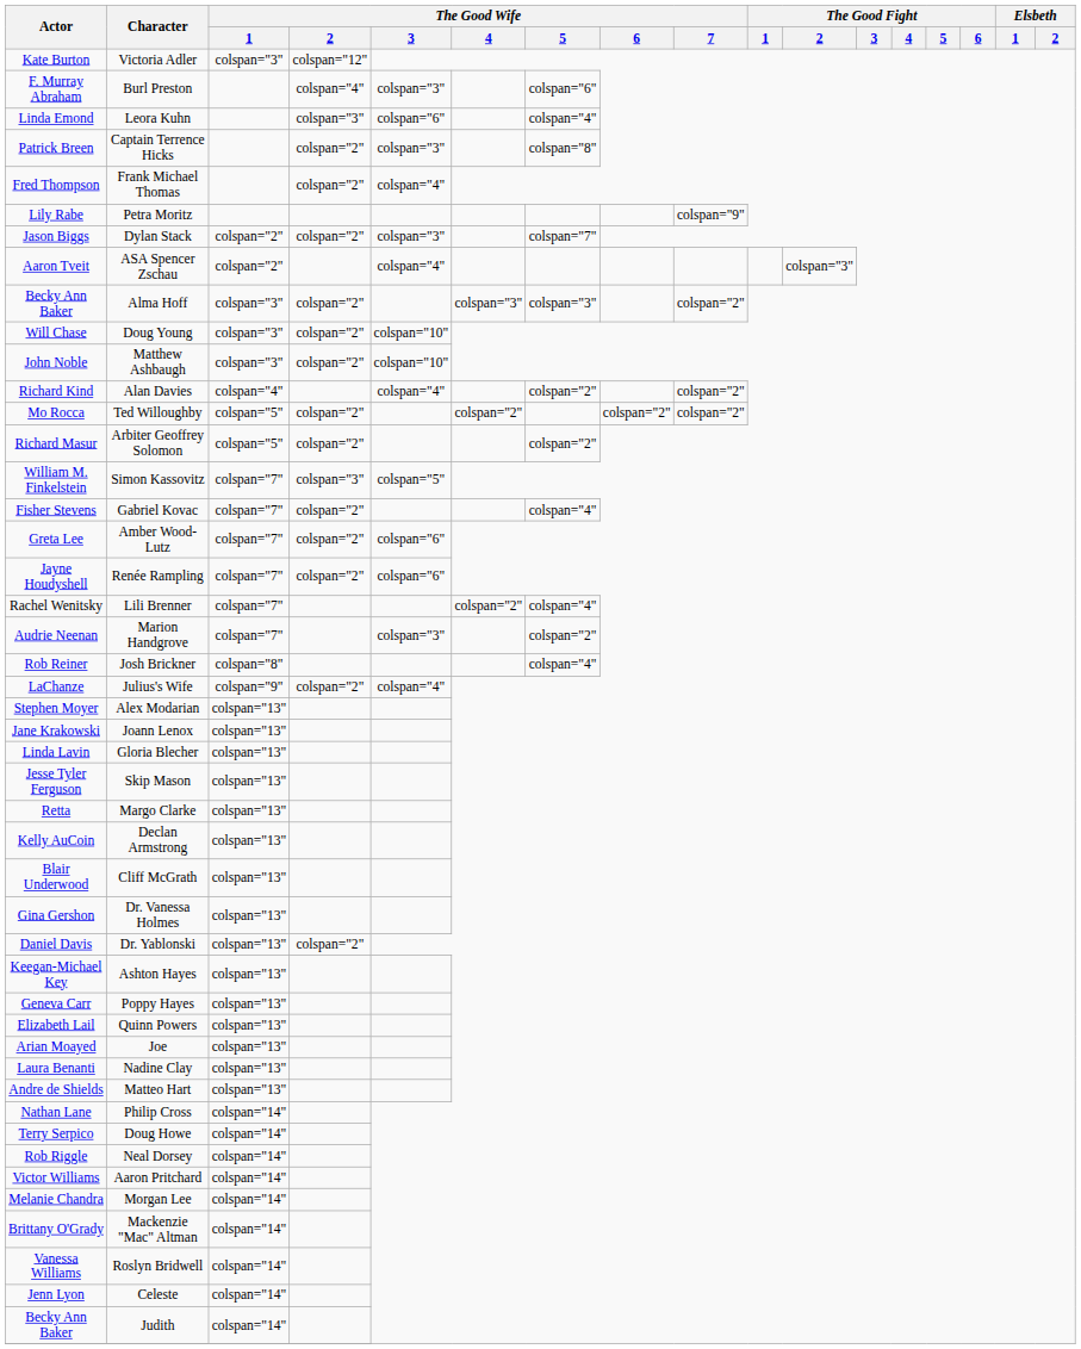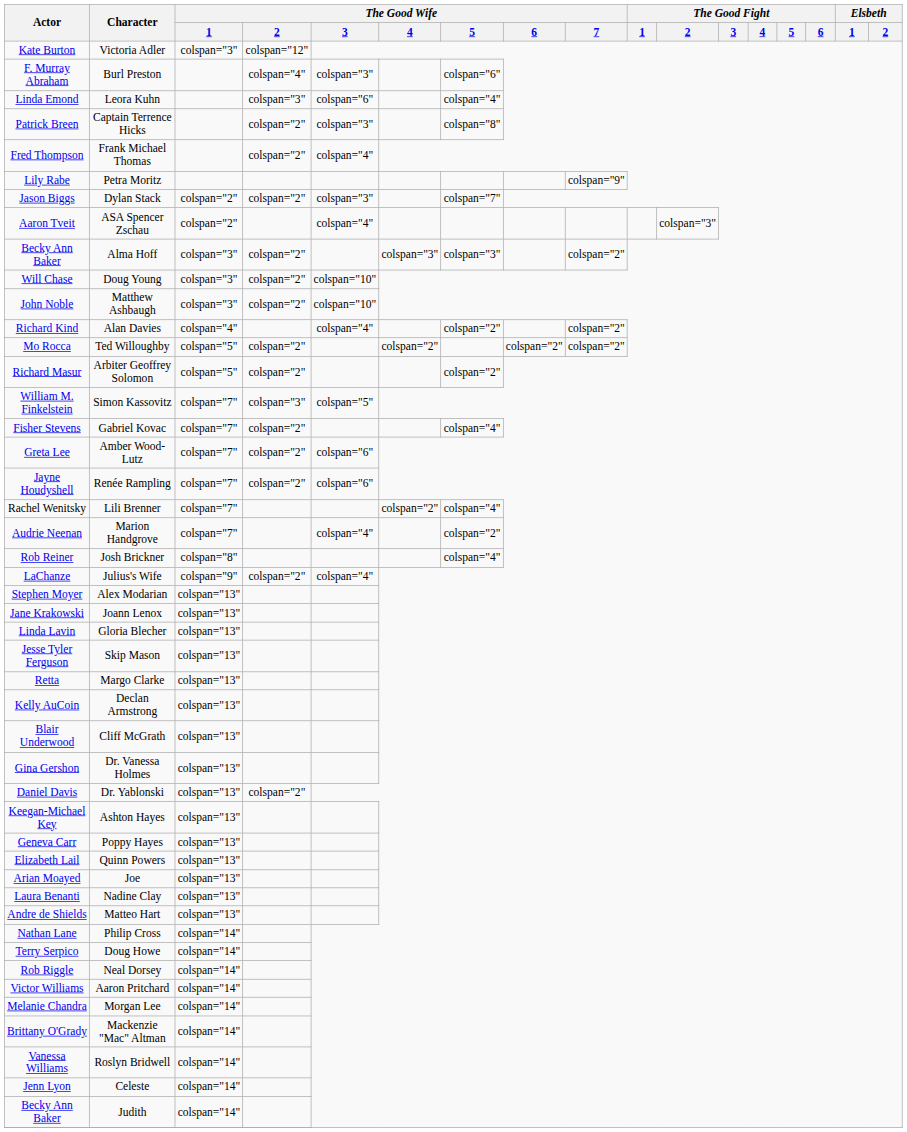 <table class="wikitable plainrowheaders" style="text-align:center">
 <tr>
 <th rowspan="2" style="width:12%;" scope="col">Actor</th>
 <th rowspan="2" style="width:12%;" scope="col">Character</th>
 <th colspan="7"><em>The Good Wife</em></th>
 <th colspan="6"><em>The Good Fight</em></th>
 <th colspan="2"><em>Elsbeth</em></th>
 </tr>
 <tr>
 <th style="width:5%;" scope="col"><a href='#'>1</a></th>
 <th style="width:5%;" scope="col"><a href='#'>2</a></th>
 <th style="width:5%;" scope="col"><a href='#'>3</a></th>
 <th style="width:5%;" scope="col"><a href='#'>4</a></th>
 <th style="width:5%;" scope="col"><a href='#'>5</a></th>
 <th style="width:5%;" scope="col"><a href='#'>6</a></th>
 <th style="width:5%;" scope="col"><a href='#'>7</a></th>
 <th style="width:5%;" scope="col"><a href='#'>1</a></th>
 <th style="width:5%;" scope="col"><a href='#'>2</a></th>
 <th style="width:5%;" scope="col"><a href='#'>3</a></th>
 <th style="width:5%;" scope="col"><a href='#'>4</a></th>
 <th style="width:5%;" scope="col"><a href='#'>5</a></th>
 <th style="width:5%;" scope="col"><a href='#'>6</a></th>
 <th style="width:5%;" scope="col"><a href='#'>1</a></th>
 <th style="width:5%;" scope="col"><a href='#'>2</a></th>
 </tr>
 <tr>
 <td><a href='#'>Kate Burton</a></td>
 <td>Victoria Adler</td>
 <td>colspan="3" </td>
 <td>colspan="12" </td>
 </tr>
 <tr>
 <td><a href='#'>F. Murray Abraham</a></td>
 <td>Burl Preston</td>
 <td></td>
 <td>colspan="4" </td>
 <td>colspan="3" </td>
 <td></td>
 <td>colspan="6" </td>
 </tr>
 <tr>
 <td><a href='#'>Linda Emond</a></td>
 <td>Leora Kuhn</td>
 <td></td>
 <td>colspan="3" </td>
 <td>colspan="6" </td>
 <td></td>
 <td>colspan="4" </td>
 </tr>
 <tr>
 <td><a href='#'>Patrick Breen</a></td>
 <td>Captain Terrence Hicks</td>
 <td></td>
 <td>colspan="2" </td>
 <td>colspan="3" </td>
 <td></td>
 <td>colspan="8" </td>
 </tr>
 <tr>
 <td><a href='#'>Fred Thompson</a></td>
 <td>Frank Michael Thomas</td>
 <td></td>
 <td>colspan="2" </td>
 <td>colspan="4" </td>
 </tr>
 <tr>
 <td><a href='#'>Lily Rabe</a></td>
 <td>Petra Moritz</td>
 <td></td>
 <td></td>
 <td></td>
 <td></td>
 <td></td>
 <td></td>
 <td>colspan="9" </td>
 </tr>
 <tr>
 <td><a href='#'>Jason Biggs</a></td>
 <td>Dylan Stack</td>
 <td>colspan="2" </td>
 <td>colspan="2" </td>
 <td>colspan="3" </td>
 <td></td>
 <td>colspan="7" </td>
 </tr>
 <tr>
 <td><a href='#'>Aaron Tveit</a></td>
 <td>ASA Spencer Zschau</td>
 <td>colspan="2" </td>
 <td></td>
 <td>colspan="4" </td>
 <td></td>
 <td></td>
 <td></td>
 <td></td>
 <td></td>
 <td>colspan="3" </td>
 </tr>
 <tr>
 <td><a href='#'>Becky Ann Baker</a></td>
 <td>Alma Hoff</td>
 <td>colspan="3" </td>
 <td>colspan="2" </td>
 <td></td>
 <td>colspan="3" </td>
 <td>colspan="3" </td>
 <td></td>
 <td>colspan="2" </td>
 </tr>
 <tr>
 <td><a href='#'>Will Chase</a></td>
 <td>Doug Young</td>
 <td>colspan="3" </td>
 <td>colspan="2" </td>
 <td>colspan="10" </td>
 </tr>
 <tr>
 <td><a href='#'>John Noble</a></td>
 <td>Matthew Ashbaugh</td>
 <td>colspan="3" </td>
 <td>colspan="2" </td>
 <td>colspan="10" </td>
 </tr>
 <tr>
 <td><a href='#'>Richard Kind</a></td>
 <td>Alan Davies</td>
 <td>colspan="4" </td>
 <td></td>
 <td>colspan="4" </td>
 <td></td>
 <td>colspan="2" </td>
 <td></td>
 <td>colspan="2" </td>
 </tr>
 <tr>
 <td><a href='#'>Mo Rocca</a></td>
 <td>Ted Willoughby</td>
 <td>colspan="5" </td>
 <td>colspan="2" </td>
 <td></td>
 <td>colspan="2" </td>
 <td></td>
 <td>colspan="2" </td>
 <td>colspan="2" </td>
 </tr>
 <tr>
 <td><a href='#'>Richard Masur</a></td>
 <td>Arbiter Geoffrey Solomon</td>
 <td>colspan="5" </td>
 <td>colspan="2" </td>
 <td></td>
 <td></td>
 <td>colspan="2" </td>
 </tr>
 <tr>
 <td><a href='#'>William M. Finkelstein</a></td>
 <td>Simon Kassovitz</td>
 <td>colspan="7" </td>
 <td>colspan="3" </td>
 <td>colspan="5" </td>
 </tr>
 <tr>
 <td><a href='#'>Fisher Stevens</a></td>
 <td>Gabriel Kovac</td>
 <td>colspan="7" </td>
 <td>colspan="2" </td>
 <td></td>
 <td></td>
 <td>colspan="4" </td>
 </tr>
 <tr>
 <td><a href='#'>Greta Lee</a></td>
 <td>Amber Wood-Lutz</td>
 <td>colspan="7" </td>
 <td>colspan="2" </td>
 <td>colspan="6" </td>
 </tr>
 <tr>
 <td><a href='#'>Jayne Houdyshell</a></td>
 <td>Renée Rampling</td>
 <td>colspan="7" </td>
 <td>colspan="2" </td>
 <td>colspan="6" </td>
 </tr>
 <tr>
 <td>Rachel Wenitsky</td>
 <td>Lili Brenner</td>
 <td>colspan="7" </td>
 <td></td>
 <td></td>
 <td>colspan="2" </td>
 <td>colspan="4" </td>
 </tr>
 <tr>
 <td><a href='#'>Audrie Neenan</a></td>
 <td>Marion Handgrove</td>
 <td>colspan="7" </td>
 <td></td>
-<td>colspan="3" </td>
+<td>colspan="4" </td>
 <td></td>
 <td>colspan="2" </td>
 </tr>
 <tr>
 <td><a href='#'>Rob Reiner</a></td>
 <td>Josh Brickner</td>
 <td>colspan="8" </td>
 <td></td>
 <td></td>
 <td></td>
 <td>colspan="4" </td>
 </tr>
 <tr>
 <td><a href='#'>LaChanze</a></td>
 <td>Julius's Wife</td>
 <td>colspan="9" </td>
 <td>colspan="2" </td>
 <td>colspan="4" </td>
 </tr>
 <tr>
 <td><a href='#'>Stephen Moyer</a></td>
 <td>Alex Modarian</td>
 <td>colspan="13" </td>
 <td></td>
 <td></td>
 </tr>
 <tr>
 <td><a href='#'>Jane Krakowski</a></td>
 <td>Joann Lenox</td>
 <td>colspan="13" </td>
 <td></td>
 <td></td>
 </tr>
 <tr>
 <td><a href='#'>Linda Lavin</a></td>
 <td>Gloria Blecher</td>
 <td>colspan="13" </td>
 <td></td>
 <td></td>
 </tr>
 <tr>
 <td><a href='#'>Jesse Tyler Ferguson</a></td>
 <td>Skip Mason</td>
 <td>colspan="13" </td>
 <td></td>
 <td></td>
 </tr>
 <tr>
 <td><a href='#'>Retta</a></td>
 <td>Margo Clarke</td>
 <td>colspan="13" </td>
 <td></td>
 <td></td>
 </tr>
 <tr>
 <td><a href='#'>Kelly AuCoin</a></td>
 <td>Declan Armstrong</td>
 <td>colspan="13" </td>
 <td></td>
 <td></td>
 </tr>
 <tr>
 <td><a href='#'>Blair Underwood</a></td>
 <td>Cliff McGrath</td>
 <td>colspan="13" </td>
 <td></td>
 <td></td>
 </tr>
 <tr>
 <td><a href='#'>Gina Gershon</a></td>
 <td>Dr. Vanessa Holmes</td>
 <td>colspan="13" </td>
 <td></td>
 <td></td>
 </tr>
 <tr>
 <td><a href='#'>Daniel Davis</a></td>
 <td>Dr. Yablonski</td>
 <td>colspan="13" </td>
 <td>colspan="2" </td>
 </tr>
 <tr>
 <td><a href='#'>Keegan-Michael Key</a></td>
 <td>Ashton Hayes</td>
 <td>colspan="13" </td>
 <td></td>
 <td></td>
 </tr>
 <tr>
 <td><a href='#'>Geneva Carr</a></td>
 <td>Poppy Hayes</td>
 <td>colspan="13" </td>
 <td></td>
 <td></td>
 </tr>
 <tr>
 <td><a href='#'>Elizabeth Lail</a></td>
 <td>Quinn Powers</td>
 <td>colspan="13" </td>
 <td></td>
 <td></td>
 </tr>
 <tr>
 <td><a href='#'>Arian Moayed</a></td>
 <td>Joe</td>
 <td>colspan="13" </td>
 <td></td>
 <td></td>
 </tr>
 <tr>
 <td><a href='#'>Laura Benanti</a></td>
 <td>Nadine Clay</td>
 <td>colspan="13" </td>
 <td></td>
 <td></td>
 </tr>
 <tr>
 <td><a href='#'>Andre de Shields</a></td>
 <td>Matteo Hart</td>
 <td>colspan="13" </td>
 <td></td>
 <td></td>
 </tr>
 <tr>
 <td><a href='#'>Nathan Lane</a></td>
 <td>Philip Cross</td>
 <td>colspan="14" </td>
 <td></td>
 </tr>
 <tr>
 <td><a href='#'>Terry Serpico</a></td>
 <td>Doug Howe</td>
 <td>colspan="14" </td>
 <td></td>
 </tr>
 <tr>
 <td><a href='#'>Rob Riggle</a></td>
 <td>Neal Dorsey</td>
 <td>colspan="14" </td>
 <td></td>
 </tr>
 <tr>
 <td><a href='#'>Victor Williams</a></td>
 <td>Aaron Pritchard</td>
 <td>colspan="14" </td>
 <td></td>
 </tr>
 <tr>
 <td><a href='#'>Melanie Chandra</a></td>
 <td>Morgan Lee</td>
 <td>colspan="14" </td>
 <td></td>
 </tr>
 <tr>
 <td><a href='#'>Brittany O'Grady</a></td>
 <td>Mackenzie "Mac" Altman</td>
 <td>colspan="14" </td>
 <td></td>
 </tr>
 <tr>
 <td><a href='#'>Vanessa Williams</a></td>
 <td>Roslyn Bridwell</td>
 <td>colspan="14" </td>
 <td></td>
 </tr>
 <tr>
 <td><a href='#'>Jenn Lyon</a></td>
 <td>Celeste</td>
 <td>colspan="14" </td>
 <td></td>
 </tr>
 <tr>
 <td><a href='#'>Becky Ann Baker</a></td>
 <td>Judith</td>
 <td>colspan="14" </td>
 <td></td>
 </tr>
 <tr>
 </tr>
 </table>
